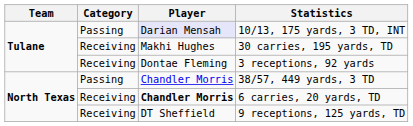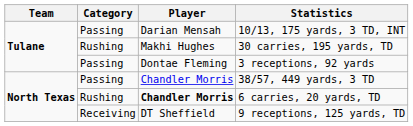 <table class="wikitable" style="float: right;">
 <tr>
 <th>Team</th>
 <th>Category</th>
 <th>Player</th>
 <th>Statistics</th>
 </tr>
 <tr>
 <td rowspan=3><strong>Tulane</strong></td>
 <td>Passing</td>
-<td style="background: lavender;">Darian Mensah</td>
+<td>Darian Mensah</td>
 <td>10/13, 175 yards, 3 TD, INT</td>
 </tr>
 <tr>
-<td>Receiving</td>
+<td>Rushing</td>
 <td>Makhi Hughes</td>
 <td>30 carries, 195 yards, TD</td>
 </tr>
 <tr>
-<td>Receiving</td>
+<td>Passing</td>
 <td>Dontae Fleming</td>
 <td>3 receptions, 92 yards</td>
 </tr>
 <tr>
 <td rowspan=3><strong>North Texas</strong></td>
 <td>Passing</td>
 <td><a href='#'>Chandler Morris</a></td>
 <td>38/57, 449 yards, 3 TD</td>
 </tr>
 <tr>
-<td>Receiving</td>
+<td>Rushing</td>
 <td><strong>Chandler Morris</strong></td>
 <td>6 carries, 20 yards, TD</td>
 </tr>
 <tr>
 <td>Receiving</td>
 <td>DT Sheffield</td>
 <td>9 receptions, 125 yards, TD</td>
 </tr>
 </table>
